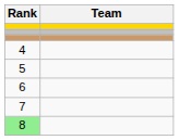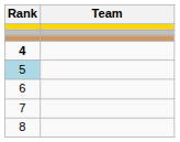 <table class="wikitable">
 <tr>
 <th>Rank</th>
 <th width=170>Team</th>
 </tr>
 <tr bgcolor=gold>
 <td align=center></td>
 <td></td>
 </tr>
 <tr bgcolor=silver>
 <td align=center></td>
 <td></td>
 </tr>
 <tr bgcolor=cc9966>
 <td align=center></td>
 <td></td>
 </tr>
 <tr>
-<td align="center">4</td>
+<td align="center"><strong>4</strong></td>
 <td></td>
 </tr>
 <tr>
-<td align="center">5</td>
+<td align="center" style="background: lightblue;">5</td>
 <td></td>
 </tr>
 <tr>
 <td align="center">6</td>
 <td></td>
 </tr>
 <tr>
 <td align="center">7</td>
 <td></td>
 </tr>
 <tr>
-<td align="center" style="background: lightgreen;">8</td>
+<td align="center">8</td>
 <td></td>
 </tr>
 </table>
